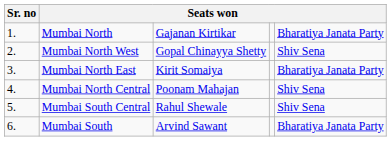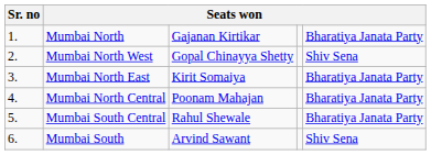 <table class="wikitable sortable">
 <tr>
 <th>Sr. no</th>
 <th colspan="4">Seats won</th>
 </tr>
 <tr>
 <td>1.</td>
 <td><a href='#'>Mumbai North</a></td>
 <td><a href='#'>Gajanan Kirtikar</a></td>
 <td style="background-color:"></td>
 <td><a href='#'>Bharatiya Janata Party</a></td>
 </tr>
 <tr>
 <td>2.</td>
 <td><a href='#'>Mumbai North West</a></td>
 <td><a href='#'>Gopal Chinayya Shetty</a></td>
 <td style="background-color: "></td>
 <td><a href='#'>Shiv Sena</a></td>
 </tr>
 <tr>
 <td>3.</td>
 <td><a href='#'>Mumbai North East</a></td>
 <td><a href='#'>Kirit Somaiya</a></td>
 <td style="background-color:"></td>
 <td><a href='#'>Bharatiya Janata Party</a></td>
 </tr>
 <tr>
 <td>4.</td>
 <td><a href='#'>Mumbai North Central</a></td>
 <td><a href='#'>Poonam Mahajan</a></td>
 <td style="background-color:"></td>
-<td><a href='#'>Shiv Sena</a></td>
+<td><a href='#'>Bharatiya Janata Party</a></td>
 </tr>
 <tr>
 <td>5.</td>
 <td><a href='#'>Mumbai South Central</a></td>
 <td><a href='#'>Rahul Shewale</a></td>
 <td style="background-color: "></td>
-<td><a href='#'>Shiv Sena</a></td>
+<td><a href='#'>Bharatiya Janata Party</a></td>
 </tr>
 <tr>
 <td>6.</td>
 <td><a href='#'>Mumbai South</a></td>
 <td><a href='#'>Arvind Sawant</a></td>
 <td style="background-color: "></td>
-<td><a href='#'>Bharatiya Janata Party</a></td>
+<td><a href='#'>Shiv Sena</a></td>
 </tr>
 </table>
